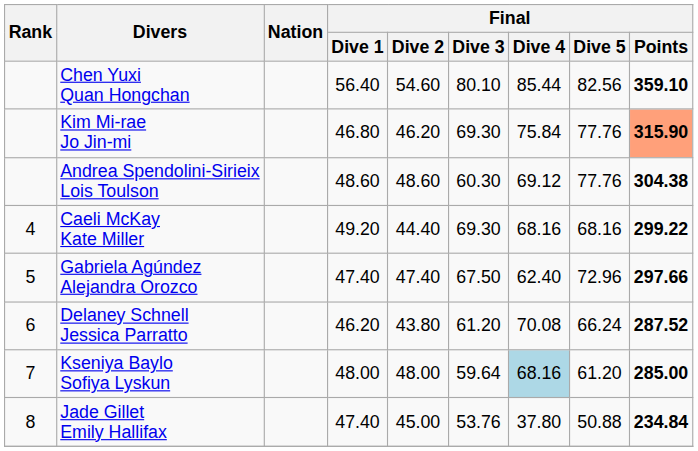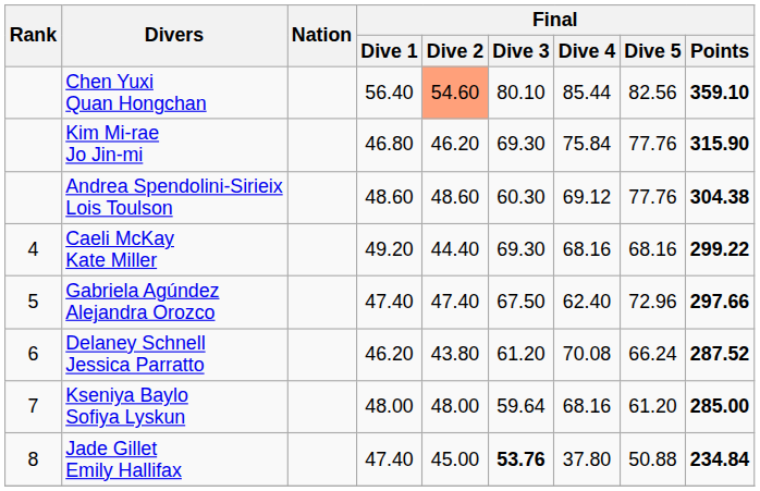 <table class="wikitable sortable" style="text-align:center">
 <tr>
 <th rowspan=2 data-sort-type=number>Rank</th>
 <th rowspan=2>Divers</th>
 <th rowspan=2>Nation</th>
 <th colspan=6>Final</th>
 </tr>
 <tr>
 <th>Dive 1</th>
 <th>Dive 2</th>
 <th>Dive 3</th>
 <th>Dive 4</th>
 <th>Dive 5</th>
 <th>Points</th>
 </tr>
 <tr>
 <td></td>
 <td align=left><a href='#'>Chen Yuxi</a><br><a href='#'>Quan Hongchan</a></td>
 <td align=left></td>
 <td>56.40</td>
-<td>54.60</td>
+<td style="background: lightsalmon;">54.60</td>
 <td>80.10</td>
 <td>85.44</td>
 <td>82.56</td>
 <td><strong>359.10</strong></td>
 </tr>
 <tr>
 <td></td>
 <td align=left><a href='#'>Kim Mi-rae</a><br><a href='#'>Jo Jin-mi</a></td>
 <td align=left></td>
 <td>46.80</td>
 <td>46.20</td>
 <td>69.30</td>
 <td>75.84</td>
 <td>77.76</td>
-<td style="background: lightsalmon;"><strong>315.90</strong></td>
+<td><strong>315.90</strong></td>
 </tr>
 <tr>
 <td></td>
 <td align=left><a href='#'>Andrea Spendolini-Sirieix</a><br><a href='#'>Lois Toulson</a></td>
 <td align=left></td>
 <td>48.60</td>
 <td>48.60</td>
 <td>60.30</td>
 <td>69.12</td>
 <td>77.76</td>
 <td><strong>304.38</strong></td>
 </tr>
 <tr>
 <td>4</td>
 <td align=left><a href='#'>Caeli McKay</a><br><a href='#'>Kate Miller</a></td>
 <td align=left></td>
 <td>49.20</td>
 <td>44.40</td>
 <td>69.30</td>
 <td>68.16</td>
 <td>68.16</td>
 <td><strong>299.22</strong></td>
 </tr>
 <tr>
 <td>5</td>
 <td align=left><a href='#'>Gabriela Agúndez</a><br><a href='#'>Alejandra Orozco</a></td>
 <td align=left></td>
 <td>47.40</td>
 <td>47.40</td>
 <td>67.50</td>
 <td>62.40</td>
 <td>72.96</td>
 <td><strong>297.66</strong></td>
 </tr>
 <tr>
 <td>6</td>
 <td align=left><a href='#'>Delaney Schnell</a><br><a href='#'>Jessica Parratto</a></td>
 <td align=left></td>
 <td>46.20</td>
 <td>43.80</td>
 <td>61.20</td>
 <td>70.08</td>
 <td>66.24</td>
 <td><strong>287.52</strong></td>
 </tr>
 <tr>
 <td>7</td>
 <td align=left><a href='#'>Kseniya Baylo</a><br><a href='#'>Sofiya Lyskun</a></td>
 <td align=left></td>
 <td>48.00</td>
 <td>48.00</td>
 <td>59.64</td>
-<td style="background: lightblue;">68.16</td>
+<td>68.16</td>
 <td>61.20</td>
 <td><strong>285.00</strong></td>
 </tr>
 <tr>
 <td>8</td>
 <td align=left><a href='#'>Jade Gillet</a><br><a href='#'>Emily Hallifax</a></td>
 <td align=left></td>
 <td>47.40</td>
 <td>45.00</td>
-<td>53.76</td>
+<td><strong>53.76</strong></td>
 <td>37.80</td>
 <td>50.88</td>
 <td><strong>234.84</strong></td>
 </tr>
 <tr>
 </tr>
 </table>
